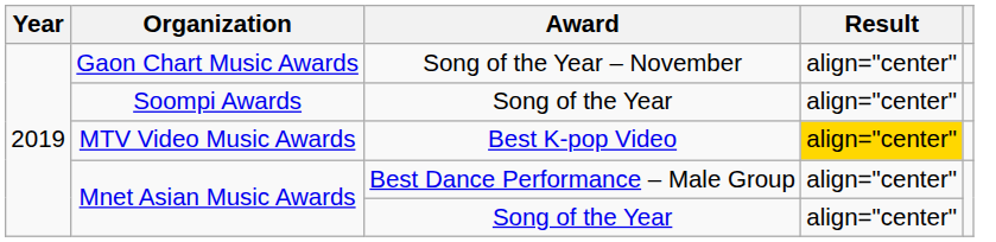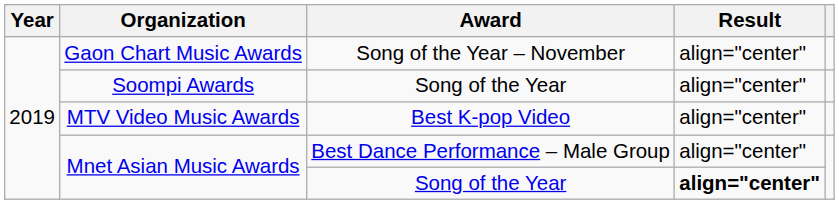 <table class="wikitable sortable plainrowheaders">
 <tr>
 <th scope="col">Year</th>
 <th scope="col">Organization</th>
 <th scope="col">Award</th>
 <th scope="col">Result</th>
 <th class="unsortable"></th>
 </tr>
 <tr>
 <td align="center" rowspan="5">2019</td>
 <td align="center"><a href='#'>Gaon Chart Music Awards</a></td>
 <td align="center">Song of the Year – November</td>
 <td>align="center" </td>
 <td align="center"></td>
 </tr>
 <tr>
 <td align="center"><a href='#'>Soompi Awards</a></td>
 <td align="center">Song of the Year</td>
 <td>align="center" </td>
 <td align="center"></td>
 </tr>
 <tr>
 <td align="center"><a href='#'>MTV Video Music Awards</a></td>
 <td align="center"><a href='#'>Best K-pop Video</a></td>
-<td style="background: gold;">align="center" </td>
+<td>align="center" </td>
 <td align="center"></td>
 </tr>
 <tr>
 <td align="center" rowspan="2"><a href='#'>Mnet Asian Music Awards</a></td>
 <td align="center"><a href='#'>Best Dance Performance</a> – Male Group</td>
 <td>align="center" </td>
 <td align="center" rowspan="2"></td>
 </tr>
 <tr>
 <td align="center"><a href='#'>Song of the Year</a></td>
-<td>align="center" </td>
+<td><strong>align="center" </strong></td>
 </tr>
 </table>
